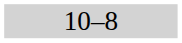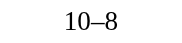 <table style="text-align:center">
 <tr>
 <th width=200></th>
 <th width=100></th>
 <th width=200></th>
 </tr>
 <tr>
 <td align=right><strong></strong></td>
-<td style="background: lightgrey;">10–8</td>
+<td>10–8</td>
 <td align=left></td>
 </tr>
 </table>
